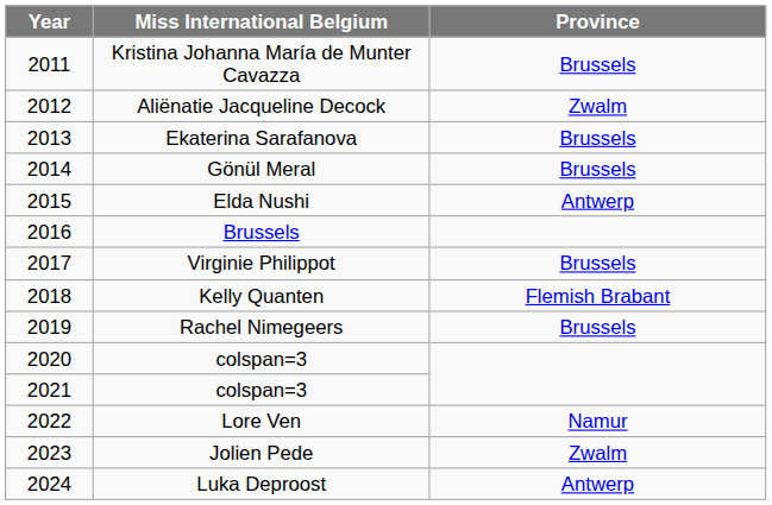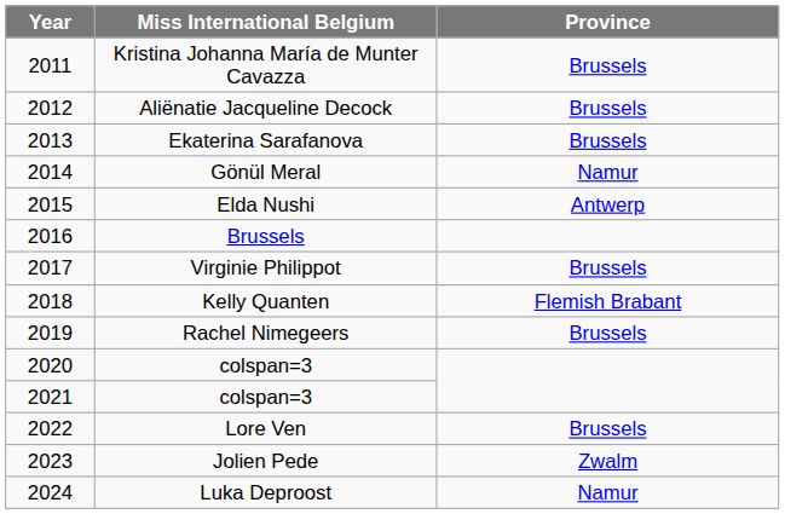 <table class="wikitable sortable" style="font-size: 95%; text-align:center">
 <tr>
 <th width="60" style="background-color:#787878;color:#FFFFFF;">Year</th>
 <th width="250" style="background-color:#787878;color:#FFFFFF;">Miss International Belgium</th>
 <th width="250" style="background-color:#787878;color:#FFFFFF;">Province</th>
 </tr>
 <tr>
 <td>2011</td>
 <td>Kristina Johanna María de Munter Cavazza</td>
 <td><a href='#'>Brussels</a></td>
 </tr>
 <tr>
 <td>2012</td>
 <td>Aliënatie Jacqueline Decock</td>
-<td><a href='#'>Zwalm</a></td>
+<td><a href='#'>Brussels</a></td>
 </tr>
 <tr>
 <td>2013</td>
 <td>Ekaterina Sarafanova</td>
 <td><a href='#'>Brussels</a></td>
 </tr>
 <tr>
 <td>2014</td>
 <td>Gönül Meral</td>
-<td><a href='#'>Brussels</a></td>
+<td><a href='#'>Namur</a></td>
 </tr>
 <tr>
 <td>2015</td>
 <td>Elda Nushi</td>
 <td><a href='#'>Antwerp</a></td>
 </tr>
 <tr>
 <td>2016</td>
 <td Caroline Sophie Julie van Hoye><a href='#'>Brussels</a></td>
 </tr>
 <tr>
 <td>2017</td>
 <td>Virginie Philippot</td>
 <td><a href='#'>Brussels</a></td>
 </tr>
 <tr>
 <td>2018</td>
 <td>Kelly Quanten</td>
 <td><a href='#'>Flemish Brabant</a></td>
 </tr>
 <tr>
 <td>2019</td>
 <td>Rachel Nimegeers</td>
 <td><a href='#'>Brussels</a></td>
 </tr>
 <tr>
 <td>2020</td>
 <td>colspan=3 </td>
 </tr>
 <tr>
 <td>2021</td>
 <td>colspan=3 </td>
 </tr>
 <tr>
 <td>2022</td>
 <td>Lore Ven</td>
-<td><a href='#'>Namur</a></td>
+<td><a href='#'>Brussels</a></td>
 </tr>
 <tr>
 <td>2023</td>
 <td>Jolien Pede</td>
 <td><a href='#'>Zwalm</a></td>
 </tr>
 <tr>
 <td>2024</td>
 <td>Luka Deproost</td>
-<td><a href='#'>Antwerp</a></td>
+<td><a href='#'>Namur</a></td>
 </tr>
 </table>
